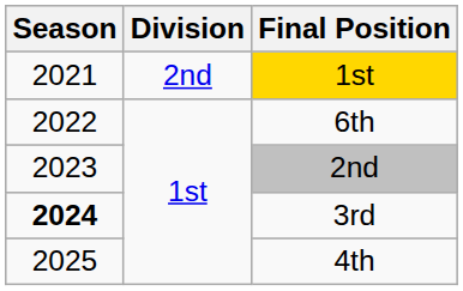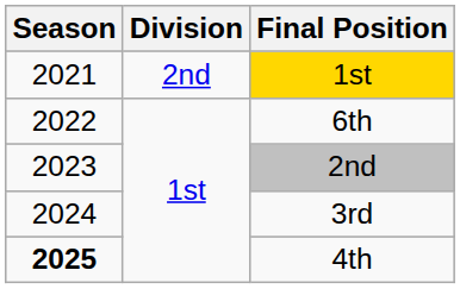 <table class="wikitable sortable">
 <tr>
 <th>Season</th>
 <th>Division</th>
 <th>Final Position</th>
 </tr>
 <tr>
 <td align=center>2021</td>
 <td align=center><a href='#'>2nd</a></td>
 <td align=center style="background:gold;">1st</td>
 </tr>
 <tr>
 <td align=center>2022</td>
 <td rowspan=4 align=center><a href='#'>1st</a></td>
 <td align=center>6th</td>
 </tr>
 <tr>
 <td align=center>2023</td>
 <td align=center style="background:silver;">2nd</td>
 </tr>
 <tr>
-<td align=center><strong>2024</strong></td>
+<td align=center>2024</td>
 <td align=center>3rd</td>
 </tr>
 <tr>
-<td align=center>2025</td>
+<td align=center><strong>2025</strong></td>
 <td align=center>4th</td>
 </tr>
 </table>
